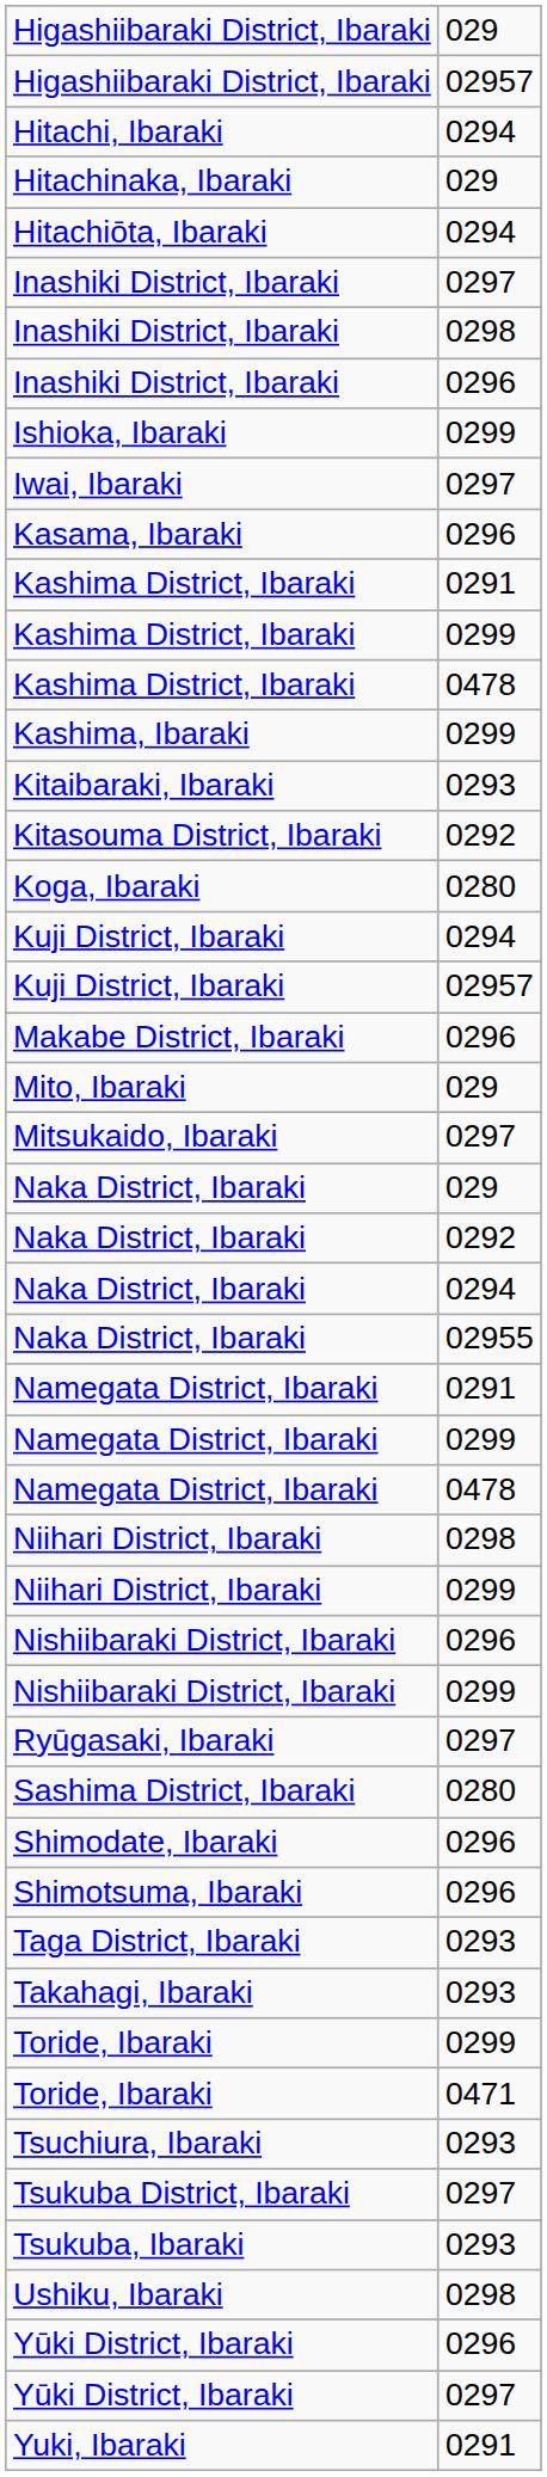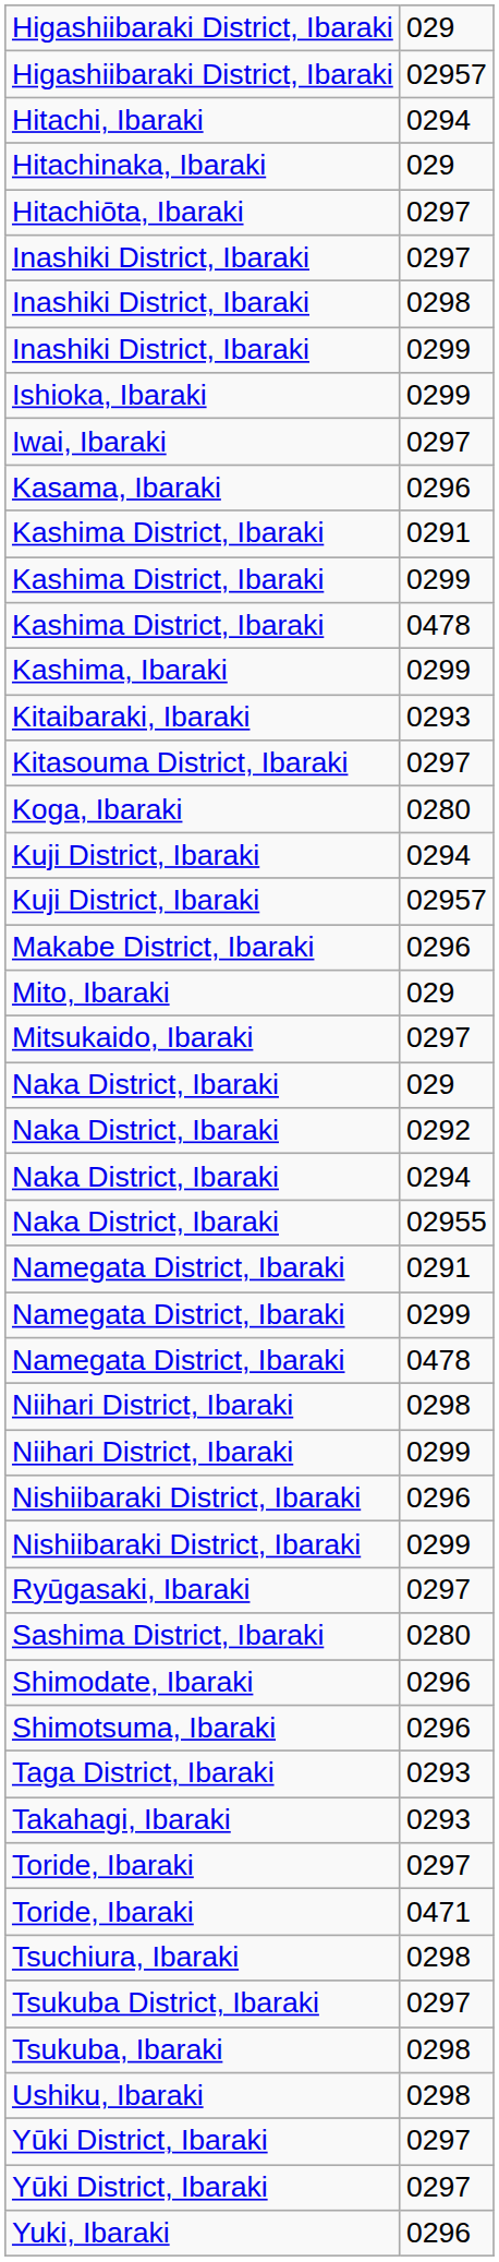 <table class="wikitable">
 <tr>
 <td><a href='#'>Higashiibaraki District, Ibaraki</a></td>
 <td>029</td>
 </tr>
 <tr>
 <td><a href='#'>Higashiibaraki District, Ibaraki</a></td>
 <td>02957</td>
 </tr>
 <tr>
 <td><a href='#'>Hitachi, Ibaraki</a></td>
 <td>0294</td>
 </tr>
 <tr>
 <td><a href='#'>Hitachinaka, Ibaraki</a></td>
 <td>029</td>
 </tr>
 <tr>
 <td><a href='#'>Hitachiōta, Ibaraki</a></td>
-<td>0294</td>
+<td>0297</td>
 </tr>
 <tr>
 <td><a href='#'>Inashiki District, Ibaraki</a></td>
 <td>0297</td>
 </tr>
 <tr>
 <td><a href='#'>Inashiki District, Ibaraki</a></td>
 <td>0298</td>
 </tr>
 <tr>
 <td><a href='#'>Inashiki District, Ibaraki</a></td>
-<td>0296</td>
+<td>0299</td>
 </tr>
 <tr>
 <td><a href='#'>Ishioka, Ibaraki</a></td>
 <td>0299</td>
 </tr>
 <tr>
 <td><a href='#'>Iwai, Ibaraki</a></td>
 <td>0297</td>
 </tr>
 <tr>
 <td><a href='#'>Kasama, Ibaraki</a></td>
 <td>0296</td>
 </tr>
 <tr>
 <td><a href='#'>Kashima District, Ibaraki</a></td>
 <td>0291</td>
 </tr>
 <tr>
 <td><a href='#'>Kashima District, Ibaraki</a></td>
 <td>0299</td>
 </tr>
 <tr>
 <td><a href='#'>Kashima District, Ibaraki</a></td>
 <td>0478</td>
 </tr>
 <tr>
 <td><a href='#'>Kashima, Ibaraki</a></td>
 <td>0299</td>
 </tr>
 <tr>
 <td><a href='#'>Kitaibaraki, Ibaraki</a></td>
 <td>0293</td>
 </tr>
 <tr>
 <td><a href='#'>Kitasouma District, Ibaraki</a></td>
-<td>0292</td>
+<td>0297</td>
 </tr>
 <tr>
 <td><a href='#'>Koga, Ibaraki</a></td>
 <td>0280</td>
 </tr>
 <tr>
 <td><a href='#'>Kuji District, Ibaraki</a></td>
 <td>0294</td>
 </tr>
 <tr>
 <td><a href='#'>Kuji District, Ibaraki</a></td>
 <td>02957</td>
 </tr>
 <tr>
 <td><a href='#'>Makabe District, Ibaraki</a></td>
 <td>0296</td>
 </tr>
 <tr>
 <td><a href='#'>Mito, Ibaraki</a></td>
 <td>029</td>
 </tr>
 <tr>
 <td><a href='#'>Mitsukaido, Ibaraki</a></td>
 <td>0297</td>
 </tr>
 <tr>
 <td><a href='#'>Naka District, Ibaraki</a></td>
 <td>029</td>
 </tr>
 <tr>
 <td><a href='#'>Naka District, Ibaraki</a></td>
 <td>0292</td>
 </tr>
 <tr>
 <td><a href='#'>Naka District, Ibaraki</a></td>
 <td>0294</td>
 </tr>
 <tr>
 <td><a href='#'>Naka District, Ibaraki</a></td>
 <td>02955</td>
 </tr>
 <tr>
 <td><a href='#'>Namegata District, Ibaraki</a></td>
 <td>0291</td>
 </tr>
 <tr>
 <td><a href='#'>Namegata District, Ibaraki</a></td>
 <td>0299</td>
 </tr>
 <tr>
 <td><a href='#'>Namegata District, Ibaraki</a></td>
 <td>0478</td>
 </tr>
 <tr>
 <td><a href='#'>Niihari District, Ibaraki</a></td>
 <td>0298</td>
 </tr>
 <tr>
 <td><a href='#'>Niihari District, Ibaraki</a></td>
 <td>0299</td>
 </tr>
 <tr>
 <td><a href='#'>Nishiibaraki District, Ibaraki</a></td>
 <td>0296</td>
 </tr>
 <tr>
 <td><a href='#'>Nishiibaraki District, Ibaraki</a></td>
 <td>0299</td>
 </tr>
 <tr>
 <td><a href='#'>Ryūgasaki, Ibaraki</a></td>
 <td>0297</td>
 </tr>
 <tr>
 <td><a href='#'>Sashima District, Ibaraki</a></td>
 <td>0280</td>
 </tr>
 <tr>
 <td><a href='#'>Shimodate, Ibaraki</a></td>
 <td>0296</td>
 </tr>
 <tr>
 <td><a href='#'>Shimotsuma, Ibaraki</a></td>
 <td>0296</td>
 </tr>
 <tr>
 <td><a href='#'>Taga District, Ibaraki</a></td>
 <td>0293</td>
 </tr>
 <tr>
 <td><a href='#'>Takahagi, Ibaraki</a></td>
 <td>0293</td>
 </tr>
 <tr>
 <td><a href='#'>Toride, Ibaraki</a></td>
-<td>0299</td>
+<td>0297</td>
 </tr>
 <tr>
 <td><a href='#'>Toride, Ibaraki</a></td>
 <td>0471</td>
 </tr>
 <tr>
 <td><a href='#'>Tsuchiura, Ibaraki</a></td>
-<td>0293</td>
+<td>0298</td>
 </tr>
 <tr>
 <td><a href='#'>Tsukuba District, Ibaraki</a></td>
 <td>0297</td>
 </tr>
 <tr>
 <td><a href='#'>Tsukuba, Ibaraki</a></td>
-<td>0293</td>
+<td>0298</td>
 </tr>
 <tr>
 <td><a href='#'>Ushiku, Ibaraki</a></td>
 <td>0298</td>
 </tr>
 <tr>
 <td><a href='#'>Yūki District, Ibaraki</a></td>
-<td>0296</td>
+<td>0297</td>
 </tr>
 <tr>
 <td><a href='#'>Yūki District, Ibaraki</a></td>
 <td>0297</td>
 </tr>
 <tr>
 <td><a href='#'>Yuki, Ibaraki</a></td>
-<td>0291</td>
+<td>0296</td>
 </tr>
 </table>
